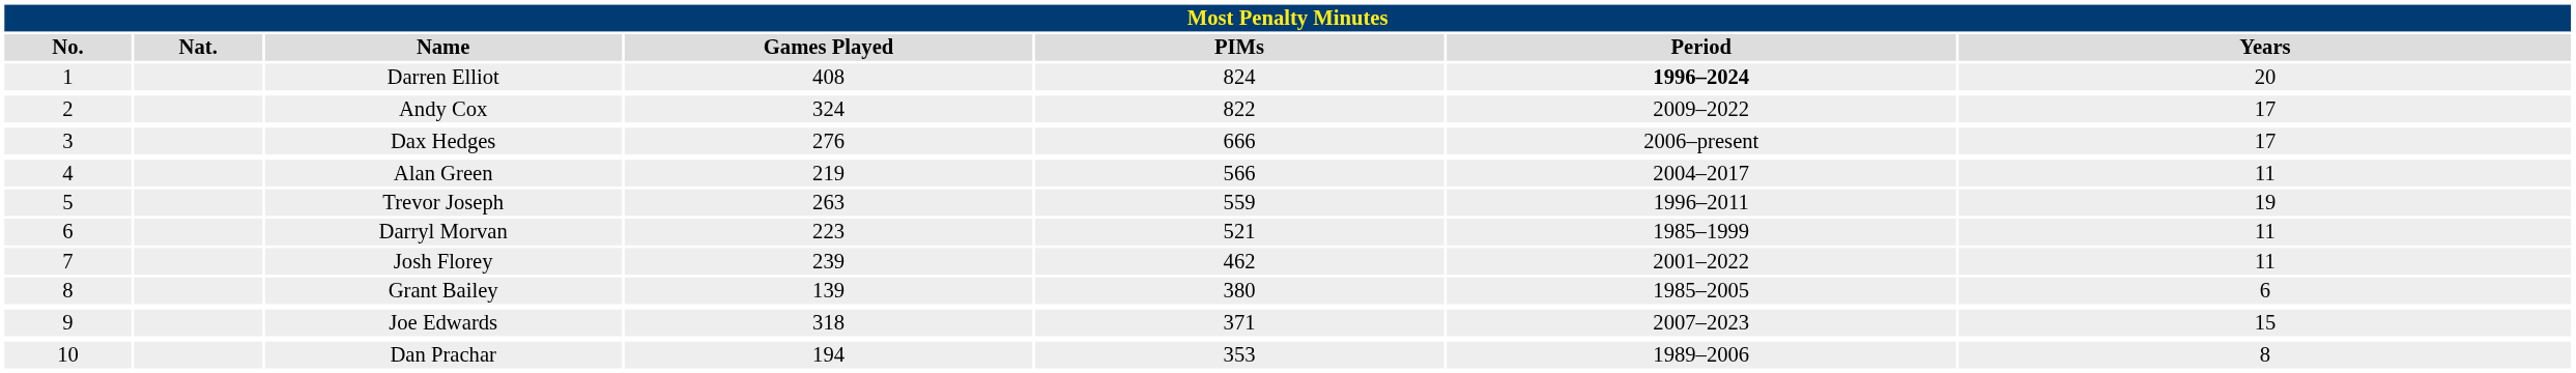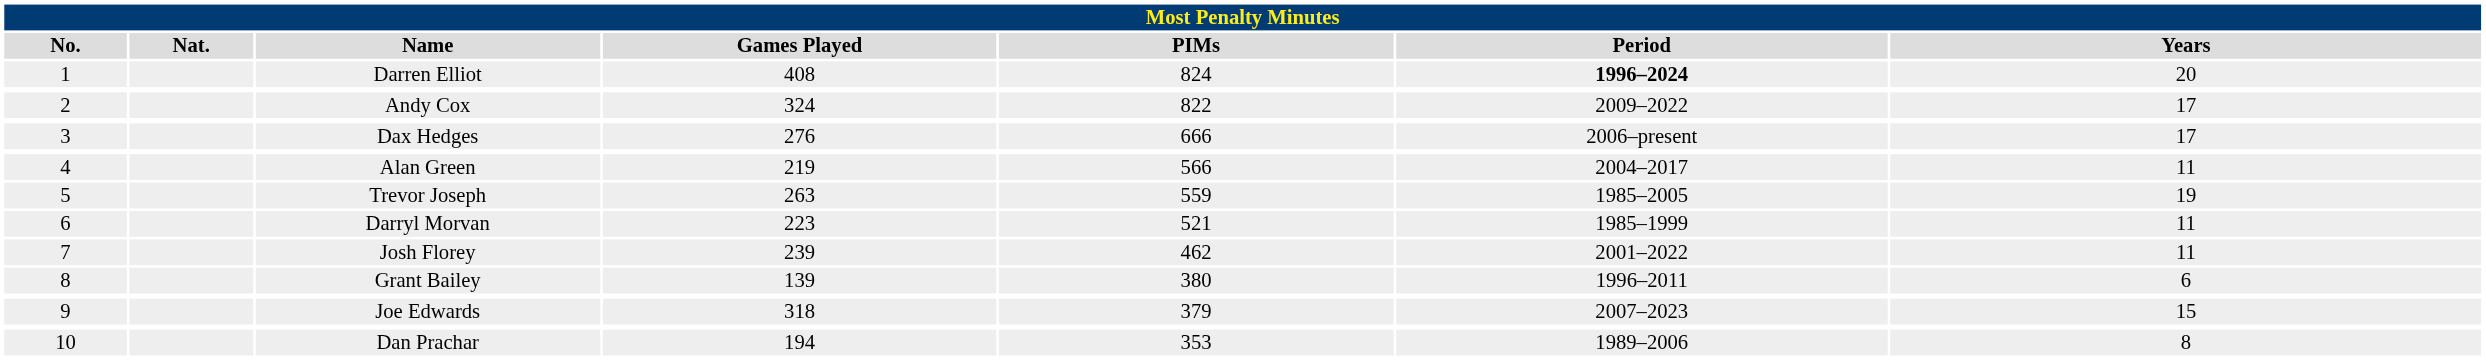 <table class="toccolours"  style="width:97%; clear:both; margin:1.5em auto; text-align:center;">
 <tr>
 <th colspan="11" style="background:#003b73; color:#fdeb1b;”">Most Penalty Minutes</th>
 </tr>
 <tr style="background:#ddd;">
 <th width=5%>No.</th>
 <th width=5%>Nat.</th>
 <th !width=22%>Name</th>
 <th width=16%>Games Played</th>
 <th width=16%>PIMs</th>
 <th width=20%>Period</th>
 <th width=24%>Years</th>
 </tr>
 <tr style="background:#eee;">
 <td>1</td>
 <td></td>
 <td>Darren Elliot</td>
 <td>408</td>
 <td>824</td>
 <td><strong>1996–2024</strong></td>
 <td>20</td>
 </tr>
 <tr style="background:#eee;">
 </tr>
 <tr style="background:#eee;">
 <td>2</td>
 <td></td>
 <td>Andy Cox</td>
 <td>324</td>
 <td>822</td>
 <td>2009–2022</td>
 <td>17</td>
 </tr>
 <tr style="background:#eee;">
 </tr>
 <tr style="background:#eee;">
 <td>3</td>
 <td></td>
 <td>Dax Hedges</td>
 <td>276</td>
 <td>666</td>
 <td>2006–present</td>
 <td>17</td>
 </tr>
 <tr style="background:#eee;">
 </tr>
 <tr style="background:#eee;">
 <td>4</td>
 <td></td>
 <td>Alan Green</td>
 <td>219</td>
 <td>566</td>
 <td>2004–2017</td>
 <td>11</td>
 </tr>
 <tr style="background:#eee;">
 <td>5</td>
 <td></td>
 <td>Trevor Joseph</td>
 <td>263</td>
 <td>559</td>
-<td>1996–2011</td>
+<td>1985–2005</td>
 <td>19</td>
 </tr>
 <tr style="background:#eee;">
 <td>6</td>
 <td></td>
 <td>Darryl Morvan</td>
 <td>223</td>
 <td>521</td>
 <td>1985–1999</td>
 <td>11</td>
 </tr>
 <tr style="background:#eee;">
 <td>7</td>
 <td></td>
 <td>Josh Florey</td>
 <td>239</td>
 <td>462</td>
 <td>2001–2022</td>
 <td>11</td>
 </tr>
 <tr style="background:#eee;">
 <td>8</td>
 <td></td>
 <td>Grant Bailey</td>
 <td>139</td>
 <td>380</td>
-<td>1985–2005</td>
+<td>1996–2011</td>
 <td>6</td>
 </tr>
 <tr style="background:#eee;">
 </tr>
 <tr style="background:#eee;">
 <td>9</td>
 <td></td>
 <td>Joe Edwards</td>
 <td>318</td>
-<td>371</td>
+<td>379</td>
 <td>2007–2023</td>
 <td>15</td>
 </tr>
 <tr style="background:#eee;">
 </tr>
 <tr style="background:#eee;">
 <td>10</td>
 <td></td>
 <td>Dan Prachar</td>
 <td>194</td>
 <td>353</td>
 <td>1989–2006</td>
 <td>8</td>
 </tr>
 <tr style="background:#eee;">
 </tr>
 </table>
